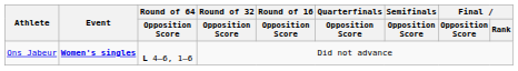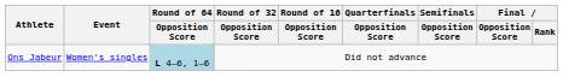 <table class=wikitable style="font-size:90%">
 <tr>
 <th rowspan="2">Athlete</th>
 <th rowspan="2">Event</th>
 <th>Round of 64</th>
 <th>Round of 32</th>
 <th>Round of 16</th>
 <th>Quarterfinals</th>
 <th>Semifinals</th>
 <th colspan=2>Final / </th>
 </tr>
 <tr style="font-size:95%">
 <th>Opposition<br>Score</th>
 <th>Opposition<br>Score</th>
 <th>Opposition<br>Score</th>
 <th>Opposition<br>Score</th>
 <th>Opposition<br>Score</th>
 <th>Opposition<br>Score</th>
 <th>Rank</th>
 </tr>
 <tr align=center>
 <td align=left><a href='#'>Ons Jabeur</a></td>
-<td align=left><strong><a href='#'>Women's singles</a></strong></td>
-<td><br><strong>L</strong> 4–6, 1–6</td>
+<td align=left><a href='#'>Women's singles</a></td>
+<td style="background: lightblue;"><br><strong>L</strong> 4–6, 1–6</td>
 <td colspan=6>Did not advance</td>
 </tr>
 </table>
